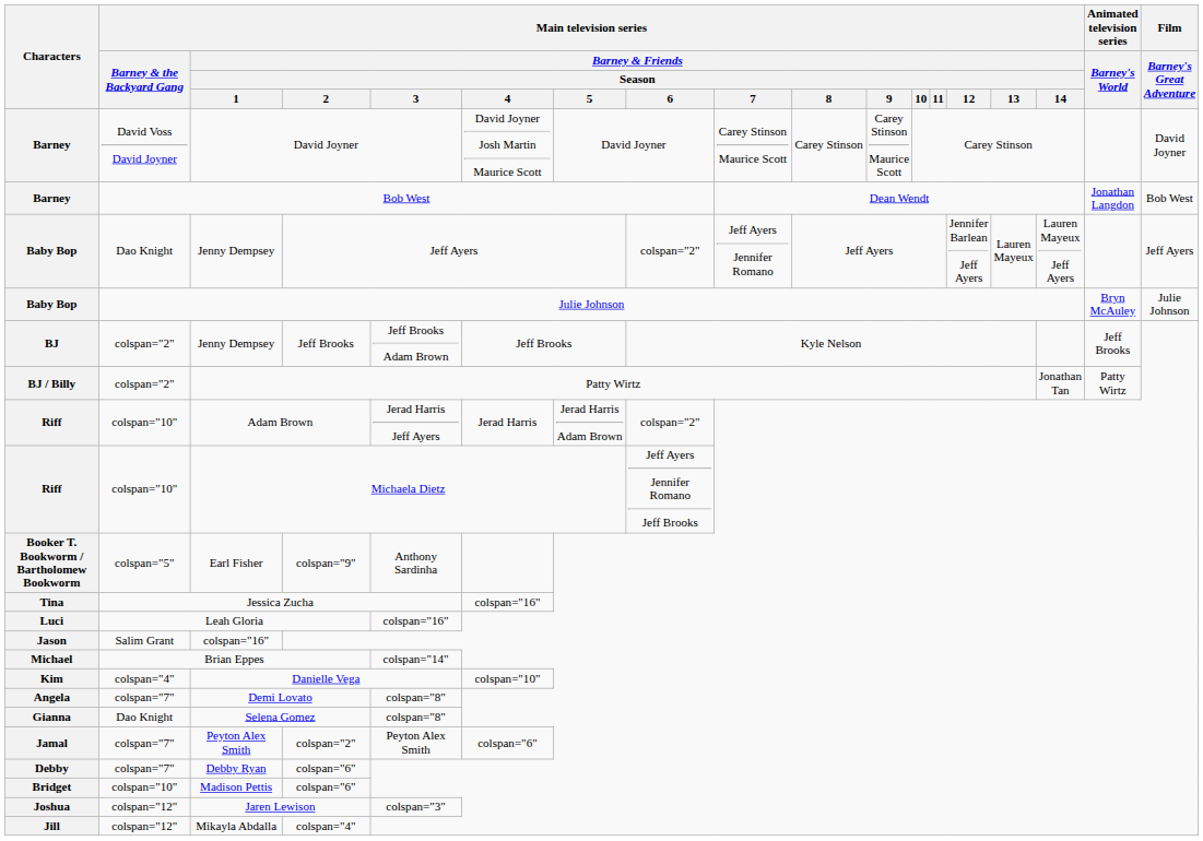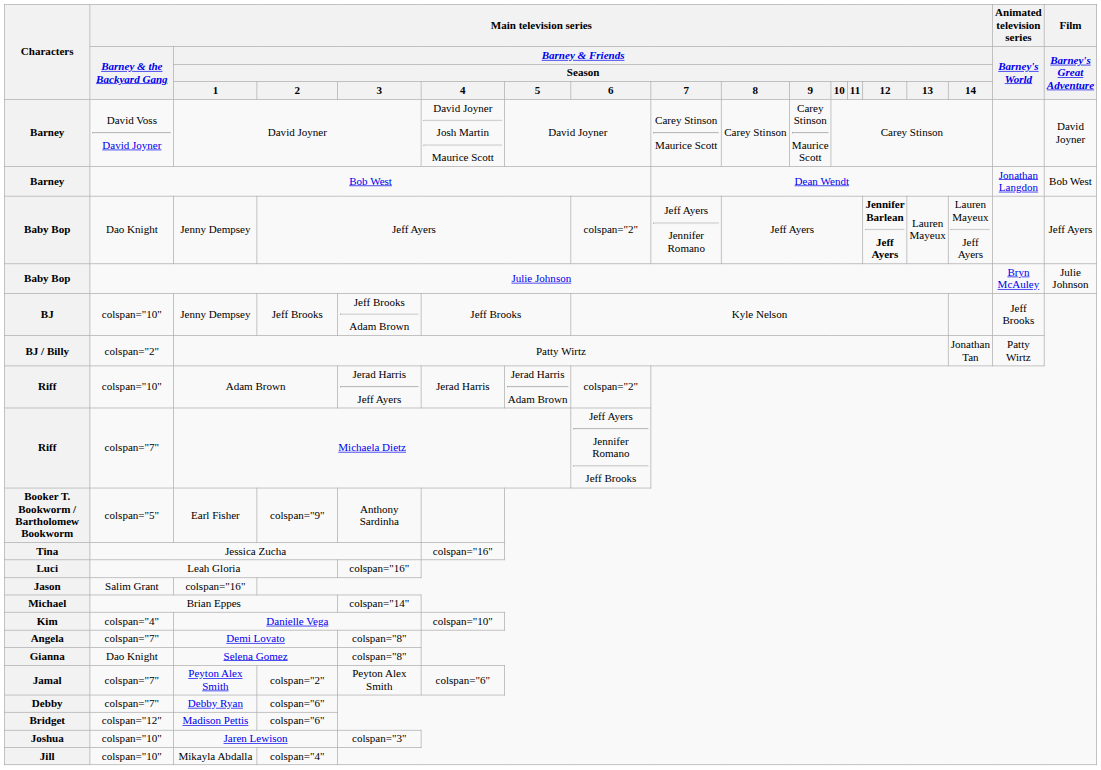 <table class="wikitable" style="text-align:center; width:100%;">
 <tr>
 <th rowspan="4" width="10%">Characters</th>
 <th colspan="15">Main television series</th>
 <th>Animated television series</th>
 <th>Film</th>
 </tr>
 <tr>
 <th align="center" rowspan="3" width="10%"><em><a href='#'>Barney & the Backyard Gang</a></em></th>
 <th align="center" colspan="14"><em><a href='#'>Barney & Friends</a></em></th>
 <th align="center" rowspan="3"><em><a href='#'>Barney's World</a></em></th>
 <th align="center" rowspan="3" width="10%"><em><a href='#'>Barney's Great Adventure</a></em></th>
 </tr>
 <tr>
 <th align="center" colspan="14">Season</th>
 </tr>
 <tr>
 <th align="center" width="10%">1</th>
 <th align="center" width="10%">2</th>
 <th align="center" width="10%">3</th>
 <th align="center" width="10%">4</th>
 <th align="center" width="10%">5</th>
 <th align="center" width="10%">6</th>
 <th align="center" width="10%">7</th>
 <th align="center" width="10%">8</th>
 <th align="center" width="10%">9</th>
 <th align="center" width="10%">10</th>
 <th align="center" width="10%">11</th>
 <th align="center" width="10%">12</th>
 <th align="center" width="10%">13</th>
 <th align="center" width="10%">14</th>
 </tr>
 <tr>
 <th>Barney </th>
 <td>David Voss <hr><a href='#'>David Joyner</a> </td>
 <td colspan="3">David Joyner</td>
 <td>David Joyner<hr>Josh Martin <hr>Maurice Scott </td>
 <td colspan="2">David Joyner</td>
 <td>Carey Stinson<hr>Maurice Scott </td>
 <td>Carey Stinson</td>
 <td>Carey Stinson<hr>Maurice Scott </td>
 <td colspan="5">Carey Stinson</td>
 <td></td>
 <td>David Joyner</td>
 </tr>
 <tr>
 <th>Barney </th>
 <td colspan="7"><a href='#'>Bob West</a></td>
 <td colspan="8"><a href='#'>Dean Wendt</a></td>
 <td><a href='#'>Jonathan Langdon</a></td>
 <td>Bob West</td>
 </tr>
 <tr>
 <th>Baby Bop </th>
 <td>Dao Knight</td>
 <td>Jenny Dempsey</td>
 <td colspan="4">Jeff Ayers</td>
 <td>colspan="2" </td>
 <td>Jeff Ayers<hr>Jennifer Romano </td>
 <td colspan="4">Jeff Ayers</td>
-<td>Jennifer Barlean<hr>Jeff Ayers </td>
+<td><strong>Jennifer Barlean<hr>Jeff Ayers </strong></td>
 <td>Lauren Mayeux</td>
 <td>Lauren Mayeux <hr>Jeff Ayers</td>
 <td></td>
 <td>Jeff Ayers</td>
 </tr>
 <tr>
 <th>Baby Bop </th>
 <td colspan="15"><a href='#'>Julie Johnson</a></td>
 <td><a href='#'>Bryn McAuley</a></td>
 <td>Julie Johnson</td>
 </tr>
 <tr>
 <th>BJ </th>
-<td>colspan="2" </td>
+<td>colspan="10" </td>
 <td>Jenny Dempsey</td>
 <td>Jeff Brooks</td>
 <td>Jeff Brooks<hr>Adam Brown </td>
 <td colspan="2">Jeff Brooks</td>
 <td colspan="8">Kyle Nelson</td>
 <td></td>
 <td>Jeff Brooks</td>
 </tr>
 <tr>
 <th>BJ / Billy </th>
 <td>colspan="2" </td>
 <td colspan="13">Patty Wirtz</td>
 <td>Jonathan Tan</td>
 <td>Patty Wirtz</td>
 </tr>
 <tr>
 <th>Riff </th>
 <td>colspan="10" </td>
 <td colspan="2">Adam Brown</td>
 <td>Jerad Harris<hr>Jeff Ayers </td>
 <td>Jerad Harris</td>
 <td>Jerad Harris <hr>Adam Brown</td>
 <td>colspan="2" </td>
 </tr>
 <tr>
 <th>Riff </th>
-<td>colspan="10" </td>
+<td>colspan="7" </td>
 <td colspan="5"><a href='#'>Michaela Dietz</a></td>
 <td>Jeff Ayers<hr>Jennifer Romano <hr>Jeff Brooks </td>
 </tr>
 <tr>
 <th>Booker T. Bookworm / Bartholomew Bookworm</th>
 <td>colspan="5" </td>
 <td>Earl Fisher </td>
 <td>colspan="9" </td>
 <td>Anthony Sardinha </td>
 <td></td>
 </tr>
 <tr>
 <th>Tina</th>
 <td colspan="4">Jessica Zucha</td>
 <td>colspan="16" </td>
 </tr>
 <tr>
 <th>Luci</th>
 <td colspan="3">Leah Gloria</td>
 <td>colspan="16" </td>
 </tr>
 <tr>
 <th>Jason</th>
 <td>Salim Grant</td>
 <td>colspan="16" </td>
 </tr>
 <tr>
 <th>Michael</th>
 <td colspan="3">Brian Eppes</td>
 <td>colspan="14" </td>
 </tr>
 <tr>
 <th>Kim</th>
 <td>colspan="4" </td>
 <td colspan="3"><a href='#'>Danielle Vega</a></td>
 <td>colspan="10" </td>
 </tr>
 <tr>
 <th>Angela</th>
 <td>colspan="7" </td>
 <td colspan="2"><a href='#'>Demi Lovato</a></td>
 <td>colspan="8" </td>
 </tr>
 <tr>
 <th>Gianna</th>
 <td>Dao Knight</td>
 <td colspan="2"><a href='#'>Selena Gomez</a></td>
 <td>colspan="8" </td>
 </tr>
 <tr>
 <th>Jamal</th>
 <td>colspan="7" </td>
 <td><a href='#'>Peyton Alex Smith</a></td>
 <td>colspan="2" </td>
 <td>Peyton Alex Smith</td>
 <td>colspan="6" </td>
 </tr>
 <tr>
 <th>Debby</th>
 <td>colspan="7" </td>
 <td><a href='#'>Debby Ryan</a></td>
 <td>colspan="6" </td>
 </tr>
 <tr>
 <th>Bridget</th>
-<td>colspan="10" </td>
+<td>colspan="12" </td>
 <td><a href='#'>Madison Pettis</a></td>
 <td>colspan="6" </td>
 </tr>
 <tr>
 <th>Joshua</th>
-<td>colspan="12" </td>
+<td>colspan="10" </td>
 <td colspan="2"><a href='#'>Jaren Lewison</a></td>
 <td>colspan="3" </td>
 </tr>
 <tr>
 <th>Jill</th>
-<td>colspan="12" </td>
+<td>colspan="10" </td>
 <td>Mikayla Abdalla</td>
 <td>colspan="4" </td>
 </tr>
 </table>
